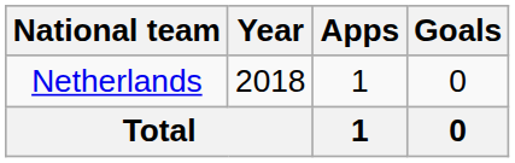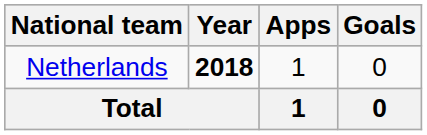 <table class="wikitable" style="text-align:center">
 <tr>
 <th>National team</th>
 <th>Year</th>
 <th>Apps</th>
 <th>Goals</th>
 </tr>
 <tr>
 <td rowspan="1"><a href='#'>Netherlands</a></td>
-<td>2018</td>
+<td><strong>2018</strong></td>
 <td>1</td>
 <td>0</td>
 </tr>
 <tr>
 <th colspan="2">Total</th>
 <th>1</th>
 <th>0</th>
 </tr>
 </table>
